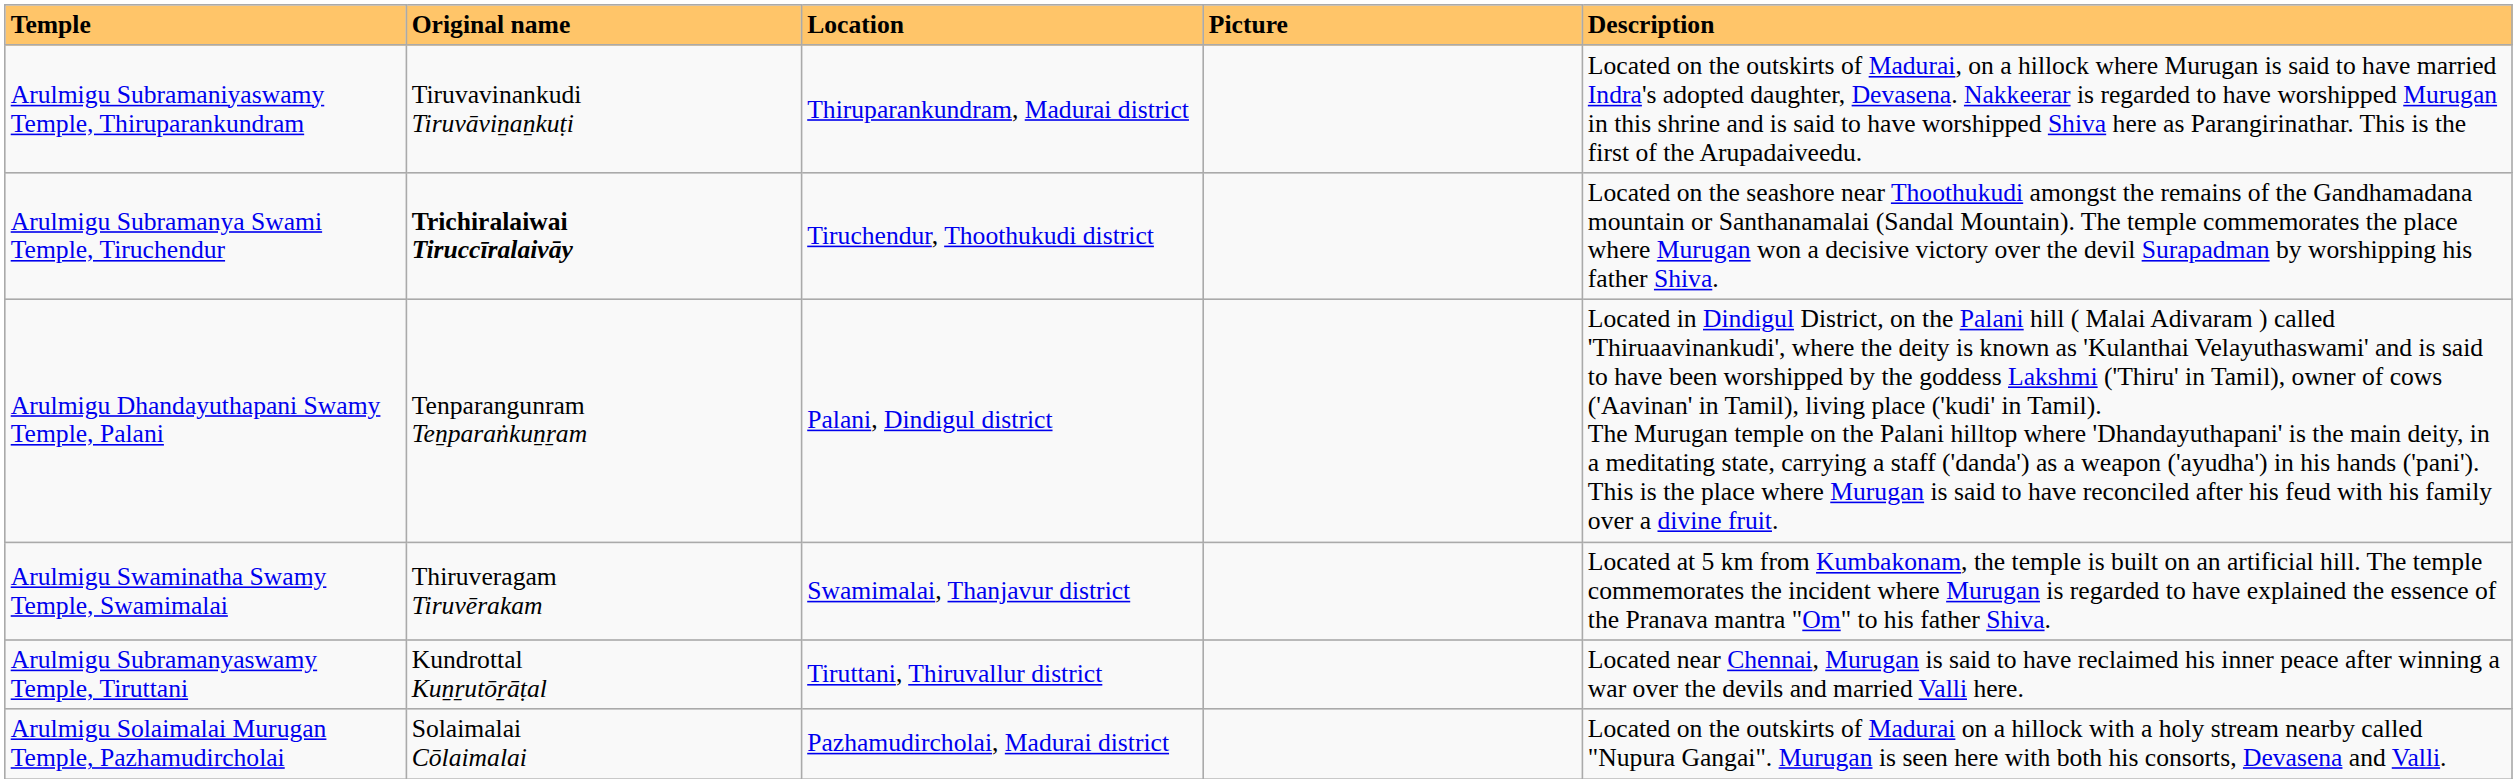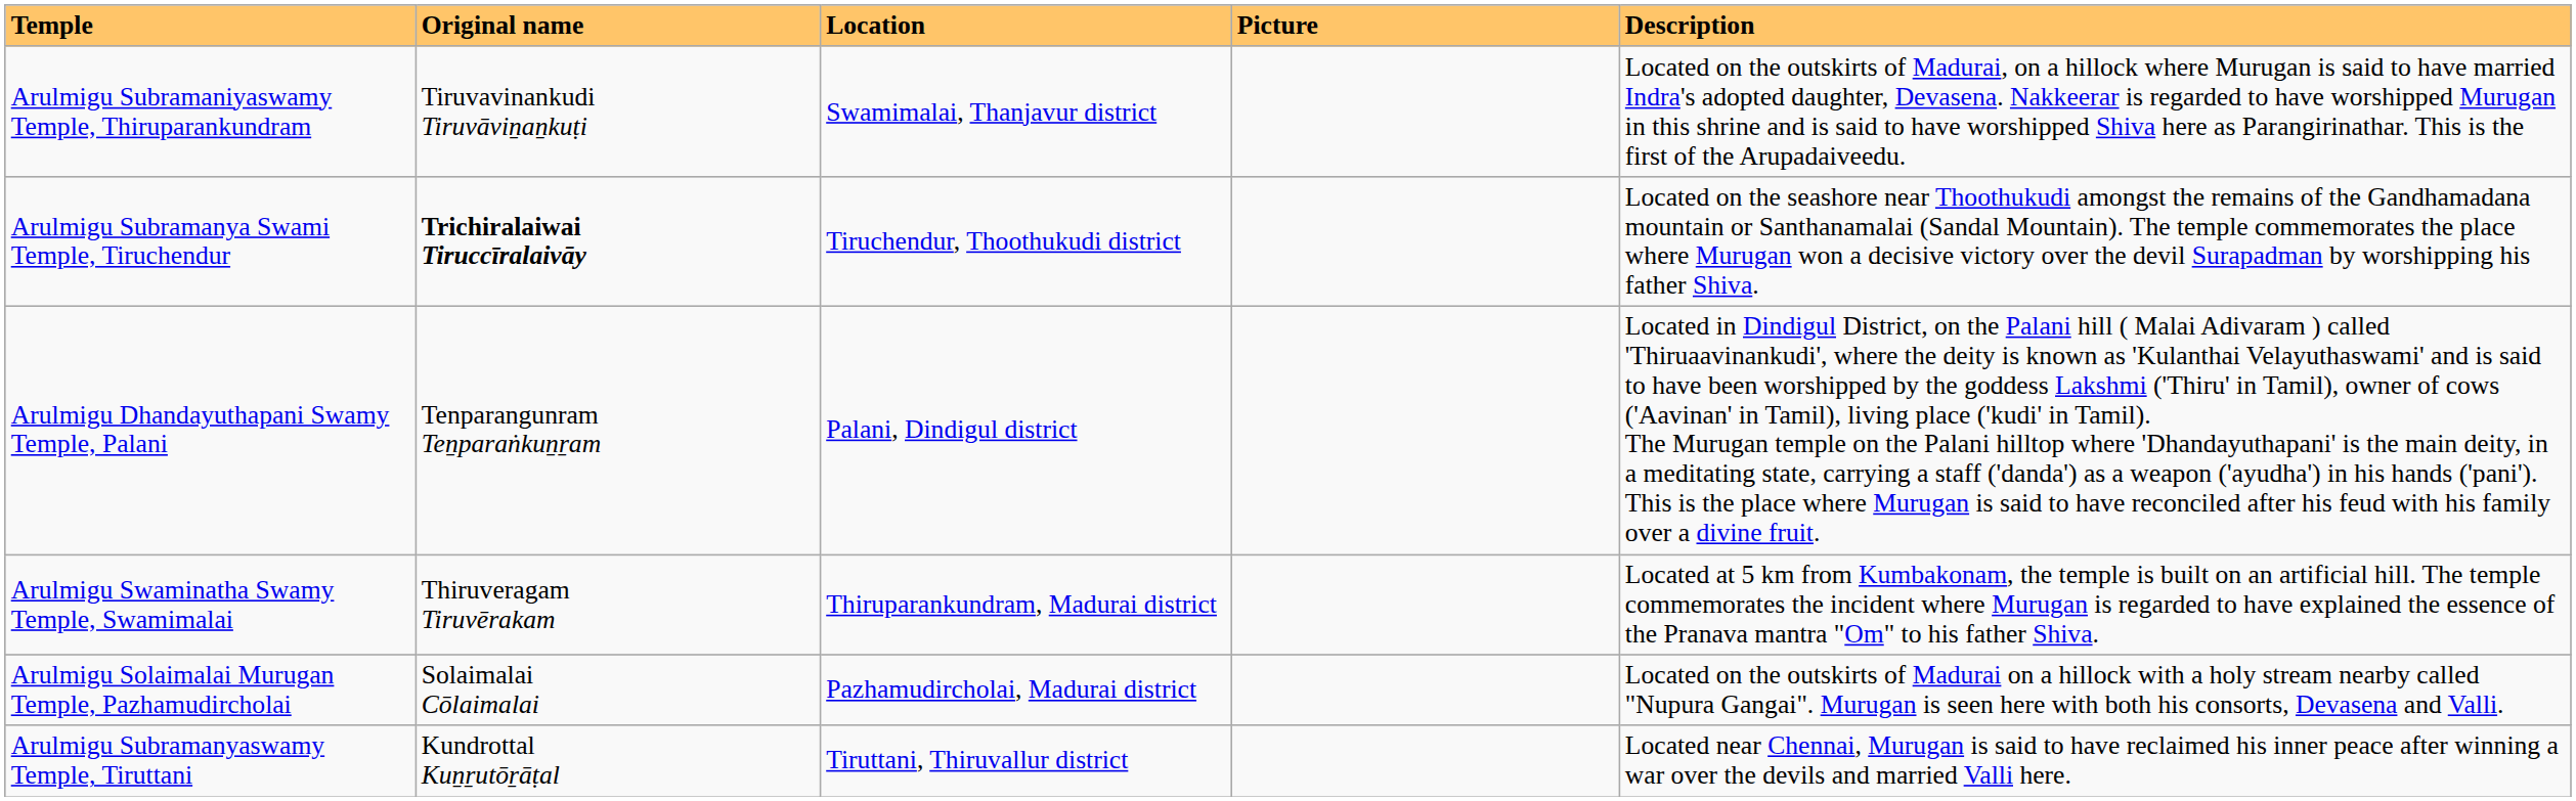 <table class="wikitable sortable">
 <tr style="background:#FFC569">
 <td style="width:200pt;"><strong>Temple</strong></td>
 <td style="width:200pt;"><strong>Original name</strong></td>
 <td style="width:200pt;"><strong>Location</strong></td>
 <td style="width:200pt;"><strong>Picture</strong></td>
 <td style="width:500pt;"><strong>Description</strong></td>
 </tr>
 <tr>
 <td><a href='#'>Arulmigu Subramaniyaswamy Temple, Thiruparankundram</a></td>
 <td>Tiruvavinankudi<br> <em>Tiruvāviṉaṉkuṭi</em></td>
-<td><a href='#'>Thiruparankundram</a>, <a href='#'>Madurai district</a></td>
+<td><a href='#'>Swamimalai</a>, <a href='#'>Thanjavur district</a></td>
 <td></td>
 <td>Located on the outskirts of <a href='#'>Madurai</a>, on a hillock where Murugan is said to have married <a href='#'>Indra</a>'s adopted daughter, <a href='#'>Devasena</a>. <a href='#'>Nakkeerar</a> is regarded to have worshipped <a href='#'>Murugan</a> in this shrine and is said to have worshipped <a href='#'>Shiva</a> here as Parangirinathar. This is the first of the Arupadaiveedu.</td>
 </tr>
 <tr>
 <td><a href='#'>Arulmigu Subramanya Swami Temple, Tiruchendur</a></td>
 <td><strong>Trichiralaiwai<br> <em>Tiruccīralaivāy</em></strong></td>
 <td><a href='#'>Tiruchendur</a>, <a href='#'>Thoothukudi district</a></td>
 <td></td>
 <td>Located on the seashore near <a href='#'>Thoothukudi</a> amongst the remains of the Gandhamadana mountain or Santhanamalai (Sandal Mountain). The temple commemorates the place where <a href='#'>Murugan</a> won a decisive victory over the devil <a href='#'>Surapadman</a> by worshipping his father <a href='#'>Shiva</a>.</td>
 </tr>
 <tr>
 <td><a href='#'>Arulmigu Dhandayuthapani Swamy Temple, Palani</a></td>
 <td>Tenparangunram<br> <em>Teṉparaṅkuṉṟam</em></td>
 <td><a href='#'>Palani</a>, <a href='#'>Dindigul district</a></td>
 <td></td>
 <td>Located in <a href='#'>Dindigul</a> District, on the <a href='#'>Palani</a> hill ( Malai Adivaram ) called 'Thiruaavinankudi', where the deity is known as 'Kulanthai Velayuthaswami' and is said to have been worshipped by the goddess <a href='#'>Lakshmi</a> ('Thiru' in Tamil), owner of cows ('Aavinan' in Tamil), living place ('kudi' in Tamil).<br>The Murugan temple on the Palani hilltop where 'Dhandayuthapani' is the main deity, in a meditating state, carrying a staff ('danda') as a weapon ('ayudha') in his hands ('pani'). This is the place where <a href='#'>Murugan</a> is said to have reconciled after his feud with his family over a <a href='#'>divine fruit</a>.</td>
 </tr>
 <tr>
 <td><a href='#'>Arulmigu Swaminatha Swamy Temple, Swamimalai</a></td>
 <td>Thiruveragam<br> <em>Tiruvērakam</em></td>
-<td><a href='#'>Swamimalai</a>, <a href='#'>Thanjavur district</a></td>
+<td><a href='#'>Thiruparankundram</a>, <a href='#'>Madurai district</a></td>
 <td></td>
 <td>Located at 5 km from <a href='#'>Kumbakonam</a>, the temple is built on an artificial hill. The temple commemorates the incident where <a href='#'>Murugan</a> is regarded to have explained the essence of the Pranava mantra "<a href='#'>Om</a>" to his father <a href='#'>Shiva</a>.</td>
+</tr>
+<tr>
+<td><a href='#'>Arulmigu Solaimalai Murugan Temple, Pazhamudircholai</a></td>
+<td>Solaimalai<br> <em>Cōlaimalai</em></td>
+<td><a href='#'>Pazhamudircholai</a>, <a href='#'>Madurai district</a></td>
+<td></td>
+<td>Located on the outskirts of <a href='#'>Madurai</a> on a hillock with a holy stream nearby called "Nupura Gangai". <a href='#'>Murugan</a> is seen here with both his consorts, <a href='#'>Devasena</a> and <a href='#'>Valli</a>.</td>
 </tr>
 <tr>
 <td><a href='#'>Arulmigu Subramanyaswamy Temple, Tiruttani</a></td>
 <td>Kundrottal<br> <em>Kuṉṟutōṟāṭal</em></td>
 <td><a href='#'>Tiruttani</a>, <a href='#'>Thiruvallur district</a></td>
 <td></td>
 <td>Located near <a href='#'>Chennai</a>, <a href='#'>Murugan</a> is said to have reclaimed his inner peace after winning a war over the devils and married <a href='#'>Valli</a> here.</td>
 </tr>
-<tr>
-<td><a href='#'>Arulmigu Solaimalai Murugan Temple, Pazhamudircholai</a></td>
-<td>Solaimalai<br> <em>Cōlaimalai</em></td>
-<td><a href='#'>Pazhamudircholai</a>, <a href='#'>Madurai district</a></td>
-<td></td>
-<td>Located on the outskirts of <a href='#'>Madurai</a> on a hillock with a holy stream nearby called "Nupura Gangai". <a href='#'>Murugan</a> is seen here with both his consorts, <a href='#'>Devasena</a> and <a href='#'>Valli</a>.</td>
-</tr>
 </table>
